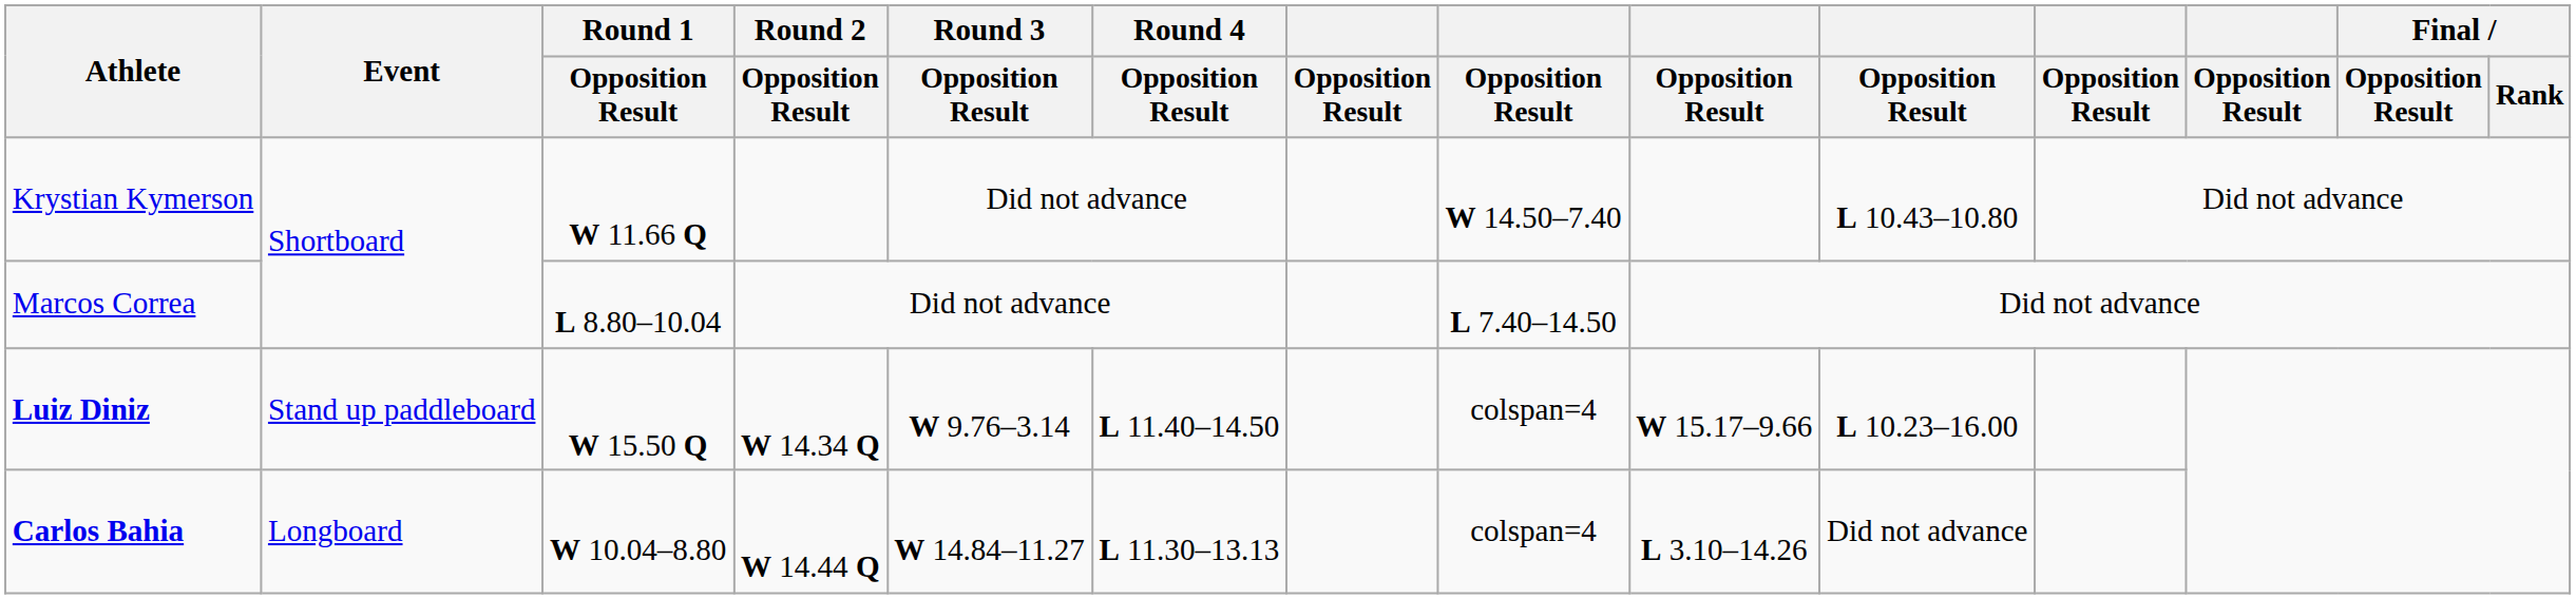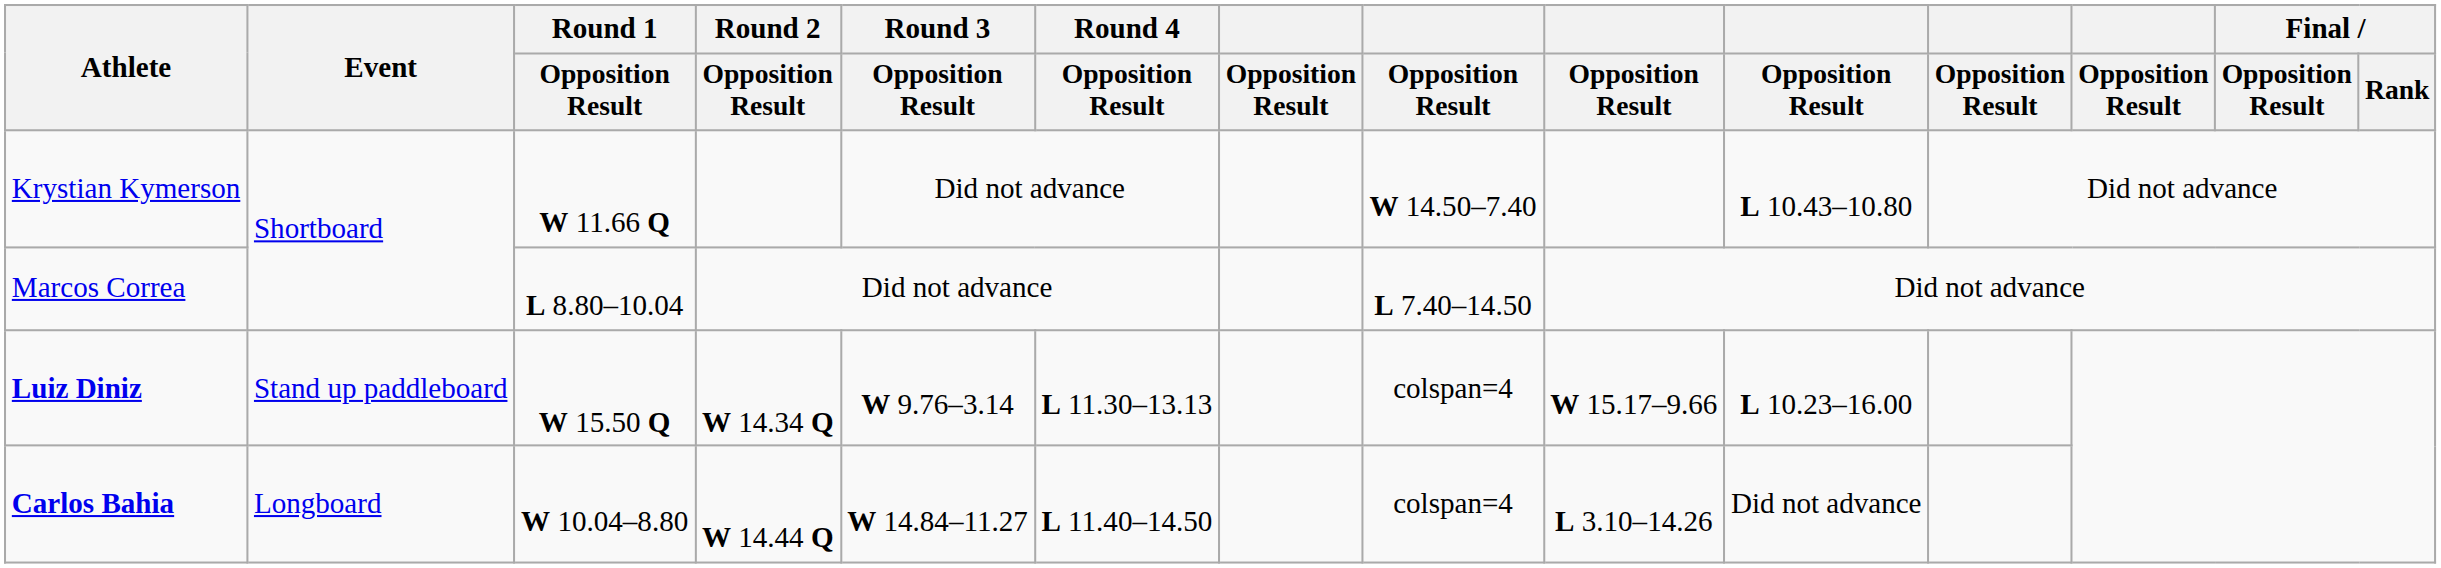 <table class=wikitable style=font-size:90%;text-align:center>
 <tr>
 <th rowspan=2>Athlete</th>
 <th rowspan=2>Event</th>
 <th>Round 1</th>
 <th>Round 2</th>
 <th>Round 3</th>
 <th>Round 4</th>
 <th></th>
 <th></th>
 <th></th>
 <th></th>
 <th></th>
 <th></th>
 <th colspan=2>Final / </th>
 </tr>
 <tr style=font-size:95%>
 <th>Opposition<br>Result</th>
 <th>Opposition<br>Result</th>
 <th>Opposition<br>Result</th>
 <th>Opposition<br>Result</th>
 <th>Opposition<br>Result</th>
 <th>Opposition<br>Result</th>
 <th>Opposition<br>Result</th>
 <th>Opposition<br>Result</th>
 <th>Opposition<br>Result</th>
 <th>Opposition<br>Result</th>
 <th>Opposition<br>Result</th>
 <th>Rank</th>
 </tr>
 <tr>
 <td align=left><a href='#'>Krystian Kymerson</a></td>
 <td align=left rowspan=2><a href='#'>Shortboard</a></td>
 <td><br><br><strong>W</strong> 11.66 <strong>Q</strong></td>
 <td><br></td>
 <td colspan=2>Did not advance</td>
 <td></td>
 <td><br><strong>W</strong> 14.50–7.40</td>
 <td><br></td>
 <td><br><strong>L</strong> 10.43–10.80</td>
 <td colspan=4>Did not advance</td>
 </tr>
 <tr>
 <td align=left><a href='#'>Marcos Correa</a></td>
 <td><br><strong>L</strong> 8.80–10.04</td>
 <td colspan=3>Did not advance</td>
 <td><br></td>
 <td><br><strong>L</strong> 7.40–14.50</td>
 <td colspan=6>Did not advance</td>
 </tr>
 <tr>
 <td align=left><strong><a href='#'>Luiz Diniz</a></strong></td>
 <td align=left><a href='#'>Stand up paddleboard</a></td>
 <td><br><br><strong>W</strong> 15.50 <strong>Q</strong></td>
 <td><br><br><strong>W</strong> 14.34 <strong>Q</strong></td>
 <td><br><strong>W</strong> 9.76–3.14</td>
-<td><br><strong>L</strong> 11.40–14.50</td>
+<td><br><strong>L</strong> 11.30–13.13</td>
 <td></td>
 <td>colspan=4 </td>
 <td><br><strong>W</strong> 15.17–9.66</td>
 <td><br><strong>L</strong> 10.23–16.00</td>
 <td></td>
 </tr>
 <tr>
 <td align=left><strong><a href='#'>Carlos Bahia</a></strong></td>
 <td align=left><a href='#'>Longboard</a></td>
 <td><br><strong>W</strong> 10.04–8.80</td>
 <td><br><br><strong>W</strong> 14.44 <strong>Q</strong></td>
 <td><br><strong>W</strong> 14.84–11.27</td>
-<td><br><strong>L</strong> 11.30–13.13</td>
+<td><br><strong>L</strong> 11.40–14.50</td>
 <td></td>
 <td>colspan=4 </td>
 <td><br><strong>L</strong> 3.10–14.26</td>
 <td>Did not advance</td>
 <td></td>
 </tr>
 </table>
